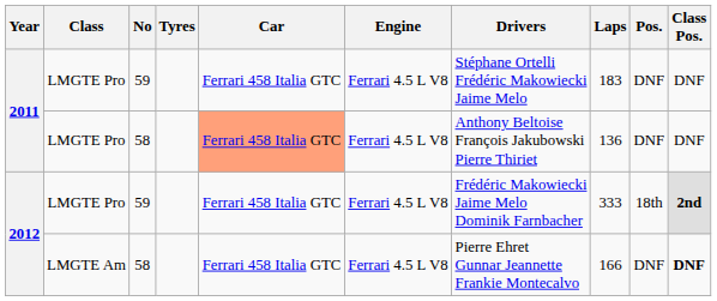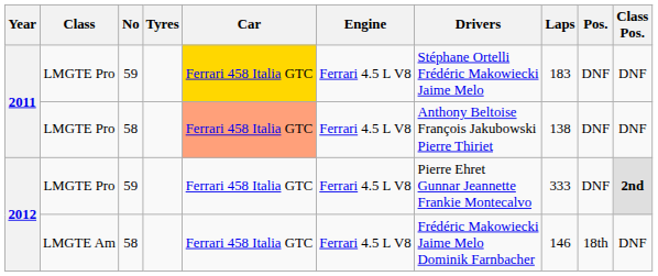 <table class="wikitable" style="font-size:90%">
 <tr>
 <th>Year</th>
 <th>Class</th>
 <th>No</th>
 <th>Tyres</th>
 <th>Car</th>
 <th>Engine</th>
 <th>Drivers</th>
 <th>Laps</th>
 <th>Pos.</th>
 <th>Class<br>Pos.</th>
 </tr>
 <tr align="center">
 <th rowspan =2><a href='#'>2011</a></th>
 <td>LMGTE Pro</td>
 <td>59</td>
 <td></td>
-<td align="left"><a href='#'>Ferrari 458 Italia</a> GTC</td>
+<td align="left" style="background: gold;"><a href='#'>Ferrari 458 Italia</a> GTC</td>
 <td align="left"><a href='#'>Ferrari</a> 4.5 L V8</td>
 <td align="left"> <a href='#'>Stéphane Ortelli</a><br> <a href='#'>Frédéric Makowiecki</a><br> <a href='#'>Jaime Melo</a></td>
 <td>183</td>
 <td>DNF</td>
 <td>DNF</td>
 </tr>
 <tr align="center">
 <td>LMGTE Pro</td>
 <td>58</td>
 <td></td>
 <td align="left" style="background: lightsalmon;"><a href='#'>Ferrari 458 Italia</a> GTC</td>
 <td align="left"><a href='#'>Ferrari</a> 4.5 L V8</td>
 <td align="left"> <a href='#'>Anthony Beltoise</a><br> François Jakubowski<br> <a href='#'>Pierre Thiriet</a></td>
-<td>136</td>
+<td>138</td>
 <td>DNF</td>
 <td>DNF</td>
 </tr>
 <tr align="center">
 <th rowspan =2><a href='#'>2012</a></th>
 <td>LMGTE Pro</td>
 <td>59</td>
 <td></td>
 <td align="left"><a href='#'>Ferrari 458 Italia</a> GTC</td>
 <td align="left"><a href='#'>Ferrari</a> 4.5 L V8</td>
-<td align="left"> <a href='#'>Frédéric Makowiecki</a><br> <a href='#'>Jaime Melo</a><br> <a href='#'>Dominik Farnbacher</a></td>
+<td align="left"> Pierre Ehret<br> <a href='#'>Gunnar Jeannette</a><br> <a href='#'>Frankie Montecalvo</a></td>
 <td>333</td>
-<td>18th</td>
+<td>DNF</td>
 <td style="background:#DFDFDF;"><strong>2nd</strong></td>
 </tr>
 <tr align="center">
 <td>LMGTE Am</td>
 <td>58</td>
 <td></td>
 <td align="left"><a href='#'>Ferrari 458 Italia</a> GTC</td>
 <td align="left"><a href='#'>Ferrari</a> 4.5 L V8</td>
-<td align="left"> Pierre Ehret<br> <a href='#'>Gunnar Jeannette</a><br> <a href='#'>Frankie Montecalvo</a></td>
-<td>166</td>
+<td align="left"> <a href='#'>Frédéric Makowiecki</a><br> <a href='#'>Jaime Melo</a><br> <a href='#'>Dominik Farnbacher</a></td>
+<td>146</td>
+<td>18th</td>
 <td>DNF</td>
-<td><strong>DNF</strong></td>
 </tr>
 </table>
